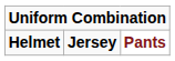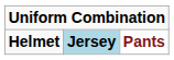 <table class="wikitable" style="display: inline-table;">
 <tr>
 <td align="center" Colspan="3"><strong>Uniform Combination</strong></td>
 </tr>
 <tr align="center">
 <td><strong>Helmet</strong></td>
-<td><strong>Jersey</strong></td>
+<td style="background: lightblue;"><strong>Jersey</strong></td>
 <td style="background:white; color:#841617"><strong>Pants</strong></td>
 </tr>
 </table>
